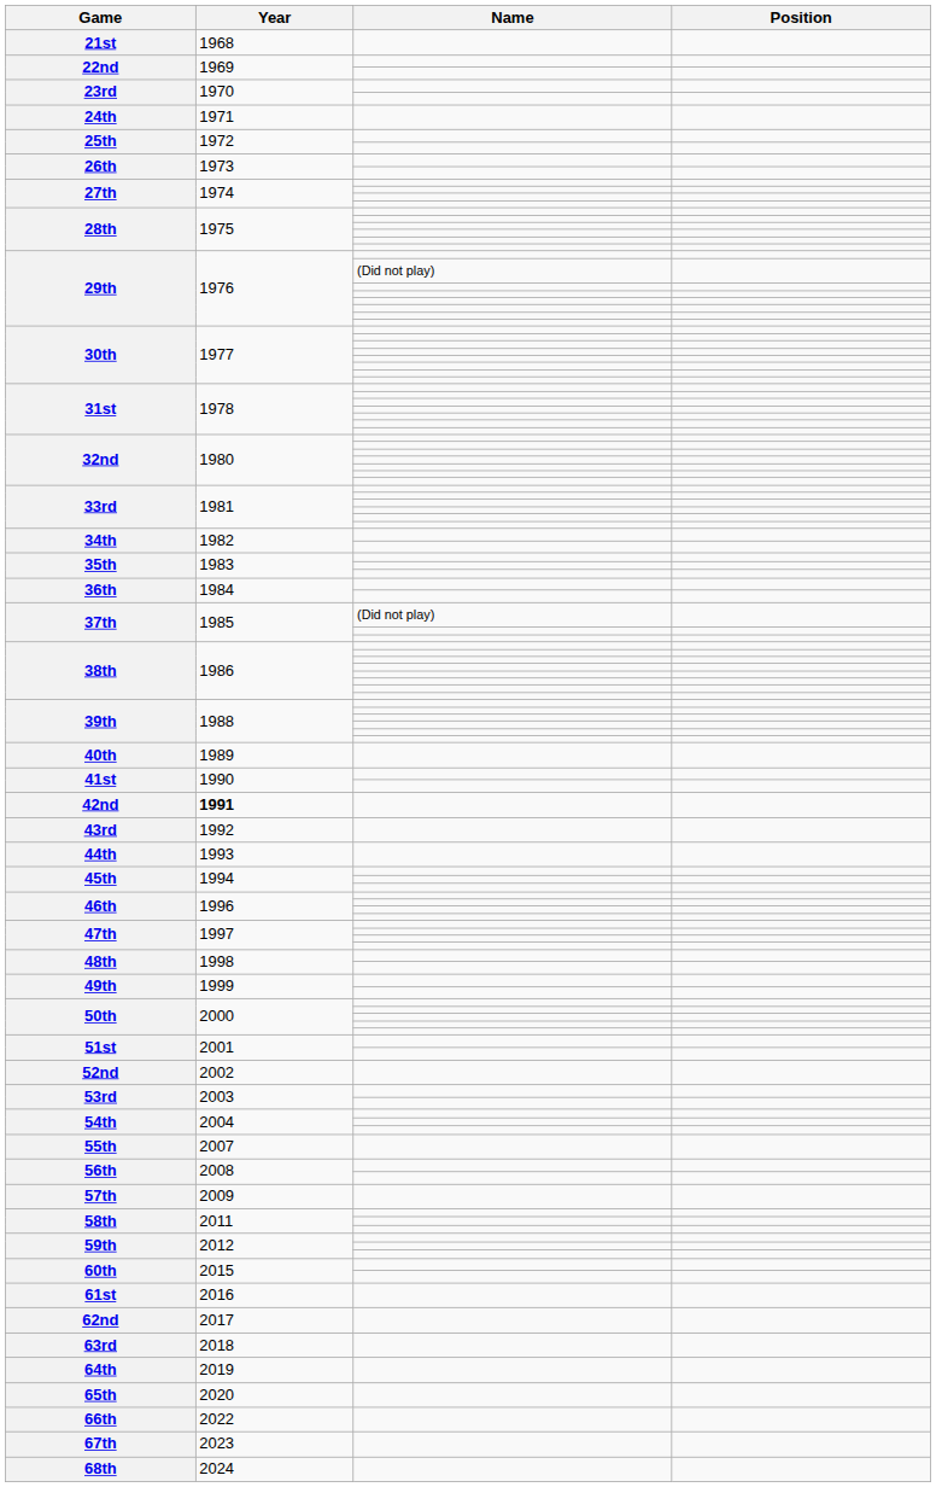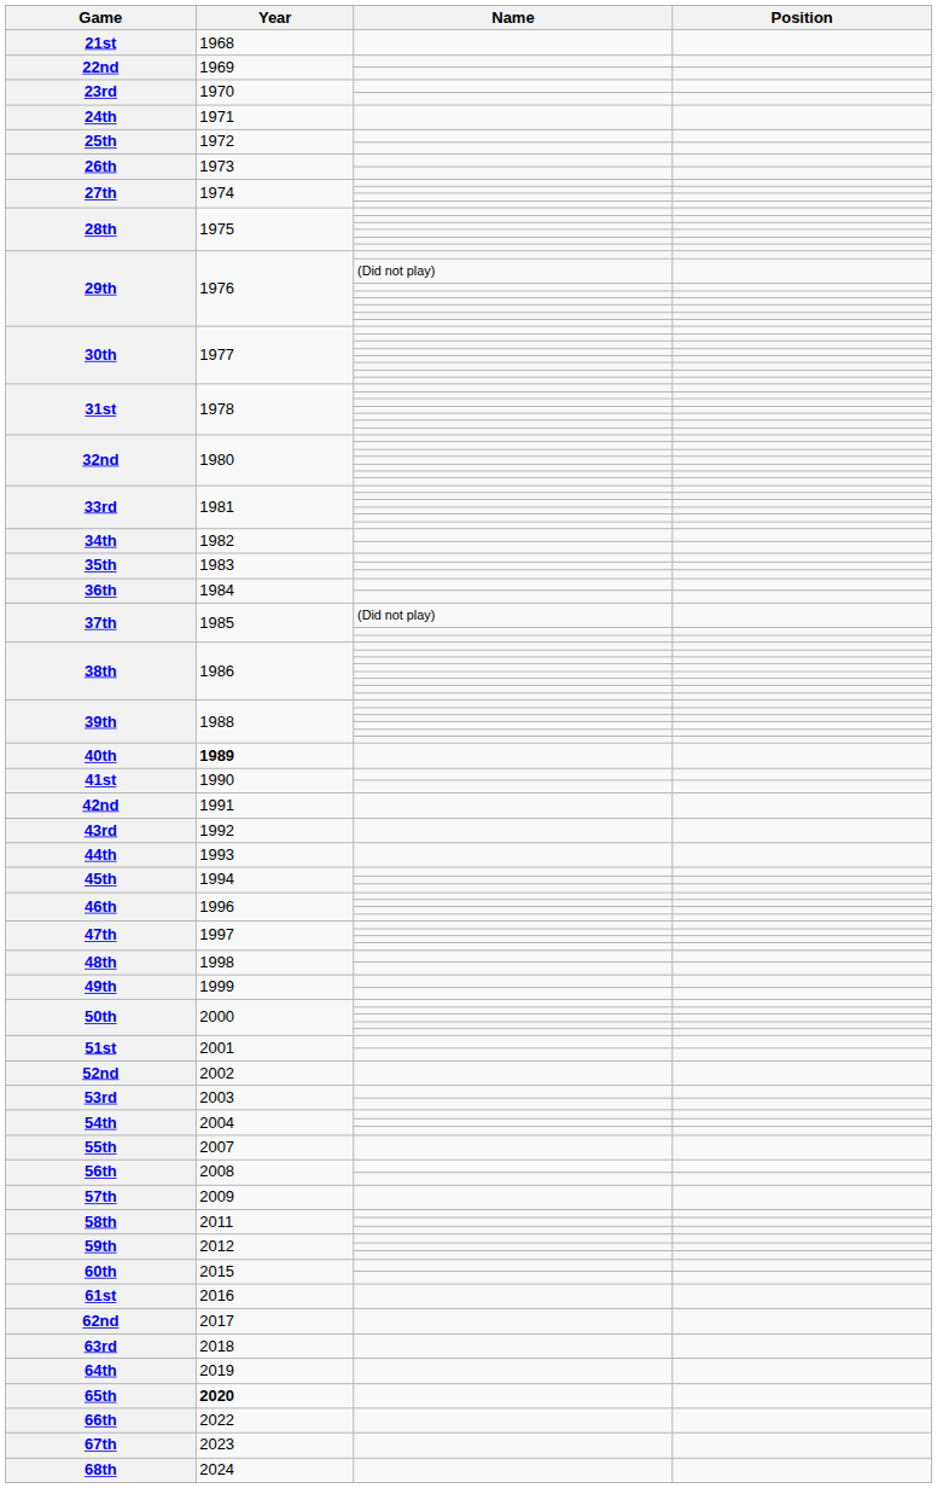 <table class="wikitable sortable" width="75%">
 <tr>
 <th scope="col">Game</th>
 <th scope="col">Year</th>
 <th scope="col">Name</th>
 <th scope="col">Position</th>
 </tr>
 <tr>
 <th scope="row"><a href='#'>21st</a></th>
 <td>1968</td>
 <td></td>
 <td></td>
 </tr>
 <tr>
 <th scope="row" rowspan="2"><a href='#'>22nd</a></th>
 <td rowspan="2">1969</td>
 <td></td>
 <td></td>
 </tr>
 <tr>
 <td></td>
 <td></td>
 </tr>
 <tr>
 <th scope="row" rowspan="2"><a href='#'>23rd</a></th>
 <td rowspan="2">1970</td>
 <td></td>
 <td></td>
 </tr>
 <tr>
 <td></td>
 <td></td>
 </tr>
 <tr>
 <th scope="row"><a href='#'>24th</a></th>
 <td>1971</td>
 <td></td>
 <td></td>
 </tr>
 <tr>
 <th scope="row" rowspan="2"><a href='#'>25th</a></th>
 <td rowspan="2">1972</td>
 <td></td>
 <td></td>
 </tr>
 <tr>
 <td></td>
 <td></td>
 </tr>
 <tr>
 <th scope="row" rowspan="2"><a href='#'>26th</a></th>
 <td rowspan="2">1973</td>
 <td></td>
 <td></td>
 </tr>
 <tr>
 <td></td>
 <td></td>
 </tr>
 <tr>
 <th scope="row" rowspan="4"><a href='#'>27th</a></th>
 <td rowspan="4">1974</td>
 <td></td>
 <td></td>
 </tr>
 <tr>
 <td></td>
 <td></td>
 </tr>
 <tr>
 <td></td>
 <td></td>
 </tr>
 <tr>
 <td></td>
 <td></td>
 </tr>
 <tr>
 <th scope="row" rowspan="6"><a href='#'>28th</a></th>
 <td rowspan="6">1975</td>
 <td></td>
 <td></td>
 </tr>
 <tr>
 <td></td>
 <td></td>
 </tr>
 <tr>
 <td></td>
 <td></td>
 </tr>
 <tr>
 <td></td>
 <td></td>
 </tr>
 <tr>
 <td></td>
 <td></td>
 </tr>
 <tr>
 <td></td>
 <td></td>
 </tr>
 <tr>
 <th scope="row" rowspan="8"><a href='#'>29th</a></th>
 <td rowspan="8">1976</td>
 <td></td>
 <td></td>
 </tr>
 <tr>
 <td> <small>(Did not play)</small></td>
 <td></td>
 </tr>
 <tr>
 <td></td>
 <td></td>
 </tr>
 <tr>
 <td></td>
 <td></td>
 </tr>
 <tr>
 <td></td>
 <td></td>
 </tr>
 <tr>
 <td></td>
 <td></td>
 </tr>
 <tr>
 <td></td>
 <td></td>
 </tr>
 <tr>
 <td></td>
 <td></td>
 </tr>
 <tr>
 <th scope="row" rowspan="8"><a href='#'>30th</a></th>
 <td rowspan="8">1977</td>
 <td></td>
 <td></td>
 </tr>
 <tr>
 <td></td>
 <td></td>
 </tr>
 <tr>
 <td></td>
 <td></td>
 </tr>
 <tr>
 <td></td>
 <td></td>
 </tr>
 <tr>
 <td></td>
 <td></td>
 </tr>
 <tr>
 <td></td>
 <td></td>
 </tr>
 <tr>
 <td></td>
 <td></td>
 </tr>
 <tr>
 <td></td>
 <td></td>
 </tr>
 <tr>
 <th scope="row" rowspan="7"><a href='#'>31st</a></th>
 <td rowspan="7">1978</td>
 <td></td>
 <td></td>
 </tr>
 <tr>
 <td></td>
 <td></td>
 </tr>
 <tr>
 <td></td>
 <td></td>
 </tr>
 <tr>
 <td></td>
 <td></td>
 </tr>
 <tr>
 <td></td>
 <td></td>
 </tr>
 <tr>
 <td></td>
 <td></td>
 </tr>
 <tr>
 <td></td>
 <td></td>
 </tr>
 <tr>
 <th scope="row" rowspan="7"><a href='#'>32nd</a></th>
 <td rowspan="7">1980</td>
 <td></td>
 <td></td>
 </tr>
 <tr>
 <td></td>
 <td></td>
 </tr>
 <tr>
 <td></td>
 <td></td>
 </tr>
 <tr>
 <td></td>
 <td></td>
 </tr>
 <tr>
 <td></td>
 <td></td>
 </tr>
 <tr>
 <td></td>
 <td></td>
 </tr>
 <tr>
 <td></td>
 <td></td>
 </tr>
 <tr>
 <th scope="row" rowspan="6"><a href='#'>33rd</a></th>
 <td rowspan="6">1981</td>
 <td></td>
 <td></td>
 </tr>
 <tr>
 <td></td>
 <td></td>
 </tr>
 <tr>
 <td></td>
 <td></td>
 </tr>
 <tr>
 <td></td>
 <td></td>
 </tr>
 <tr>
 <td></td>
 <td></td>
 </tr>
 <tr>
 <td></td>
 <td></td>
 </tr>
 <tr>
 <th scope="row" rowspan="2"><a href='#'>34th</a></th>
 <td rowspan="2">1982</td>
 <td></td>
 <td></td>
 </tr>
 <tr>
 <td></td>
 <td></td>
 </tr>
 <tr>
 <th scope="row" rowspan="3"><a href='#'>35th</a></th>
 <td rowspan="3">1983</td>
 <td></td>
 <td></td>
 </tr>
 <tr>
 <td></td>
 <td></td>
 </tr>
 <tr>
 <td></td>
 <td></td>
 </tr>
 <tr>
 <th scope="row" rowspan="2"><a href='#'>36th</a></th>
 <td rowspan="2">1984</td>
 <td></td>
 <td></td>
 </tr>
 <tr>
 <td></td>
 <td></td>
 </tr>
 <tr>
 <th scope="row" rowspan="3"><a href='#'>37th</a></th>
 <td rowspan="3">1985</td>
 <td> <small>(Did not play)</small></td>
 <td></td>
 </tr>
 <tr>
 <td></td>
 <td></td>
 </tr>
 <tr>
 <td></td>
 <td></td>
 </tr>
 <tr>
 <th scope="row" rowspan="8"><a href='#'>38th</a></th>
 <td rowspan="8">1986</td>
 <td></td>
 <td></td>
 </tr>
 <tr>
 <td></td>
 <td></td>
 </tr>
 <tr>
 <td></td>
 <td></td>
 </tr>
 <tr>
 <td></td>
 <td></td>
 </tr>
 <tr>
 <td></td>
 <td></td>
 </tr>
 <tr>
 <td></td>
 <td></td>
 </tr>
 <tr>
 <td></td>
 <td></td>
 </tr>
 <tr>
 <td></td>
 <td></td>
 </tr>
 <tr>
 <th scope="row" rowspan="6"><a href='#'>39th</a></th>
 <td rowspan="6">1988</td>
 <td></td>
 <td></td>
 </tr>
 <tr>
 <td></td>
 <td></td>
 </tr>
 <tr>
 <td></td>
 <td></td>
 </tr>
 <tr>
 <td></td>
 <td></td>
 </tr>
 <tr>
 <td></td>
 <td></td>
 </tr>
 <tr>
 <td></td>
 <td></td>
 </tr>
 <tr>
 <th scope="row"><a href='#'>40th</a></th>
-<td>1989</td>
+<td><strong>1989</strong></td>
 <td></td>
 <td></td>
 </tr>
 <tr>
 <th scope="row" rowspan="2"><a href='#'>41st</a></th>
 <td rowspan="2">1990</td>
 <td></td>
 <td></td>
 </tr>
 <tr>
 <td></td>
 <td></td>
 </tr>
 <tr>
 <th scope="row"><a href='#'>42nd</a></th>
-<td><strong>1991</strong></td>
+<td>1991</td>
 <td></td>
 <td></td>
 </tr>
 <tr>
 <th scope="row"><a href='#'>43rd</a></th>
 <td>1992</td>
 <td></td>
 <td></td>
 </tr>
 <tr>
 <th scope="row"><a href='#'>44th</a></th>
 <td>1993</td>
 <td></td>
 <td></td>
 </tr>
 <tr>
 <th scope="row" rowspan="3"><a href='#'>45th</a></th>
 <td rowspan="3">1994</td>
 <td></td>
 <td></td>
 </tr>
 <tr>
 <td></td>
 <td></td>
 </tr>
 <tr>
 <td></td>
 <td></td>
 </tr>
 <tr>
 <th scope="row" rowspan="4"><a href='#'>46th</a></th>
 <td rowspan="4">1996</td>
 <td></td>
 <td></td>
 </tr>
 <tr>
 <td></td>
 <td></td>
 </tr>
 <tr>
 <td></td>
 <td></td>
 </tr>
 <tr>
 <td></td>
 <td></td>
 </tr>
 <tr>
 <th scope="row" rowspan="4"><a href='#'>47th</a></th>
 <td rowspan="4">1997</td>
 <td></td>
 <td></td>
 </tr>
 <tr>
 <td></td>
 <td></td>
 </tr>
 <tr>
 <td></td>
 <td></td>
 </tr>
 <tr>
 <td></td>
 <td></td>
 </tr>
 <tr>
 <th scope="row" rowspan="2"><a href='#'>48th</a></th>
 <td rowspan="2">1998</td>
 <td></td>
 <td></td>
 </tr>
 <tr>
 <td></td>
 <td></td>
 </tr>
 <tr>
 <th scope="row" rowspan="2"><a href='#'>49th</a></th>
 <td rowspan="2">1999</td>
 <td></td>
 <td></td>
 </tr>
 <tr>
 <td></td>
 <td></td>
 </tr>
 <tr>
 <th scope="row" rowspan="5"><a href='#'>50th</a></th>
 <td rowspan="5">2000</td>
 <td></td>
 <td></td>
 </tr>
 <tr>
 <td></td>
 <td></td>
 </tr>
 <tr>
 <td></td>
 <td></td>
 </tr>
 <tr>
 <td></td>
 <td></td>
 </tr>
 <tr>
 <td></td>
 <td></td>
 </tr>
 <tr>
 <th scope="row" rowspan="2"><a href='#'>51st</a></th>
 <td rowspan="2">2001</td>
 <td></td>
 <td></td>
 </tr>
 <tr>
 <td></td>
 <td></td>
 </tr>
 <tr>
 <th scope="row"><a href='#'>52nd</a></th>
 <td>2002</td>
 <td></td>
 <td></td>
 </tr>
 <tr>
 <th scope="row" rowspan="2"><a href='#'>53rd</a></th>
 <td rowspan="2">2003</td>
 <td></td>
 <td></td>
 </tr>
 <tr>
 <td></td>
 <td></td>
 </tr>
 <tr>
 <th scope="row" rowspan="3"><a href='#'>54th</a></th>
 <td rowspan="3">2004</td>
 <td></td>
 <td></td>
 </tr>
 <tr>
 <td></td>
 <td></td>
 </tr>
 <tr>
 <td></td>
 <td></td>
 </tr>
 <tr>
 <th scope="row"><a href='#'>55th</a></th>
 <td>2007</td>
 <td></td>
 <td></td>
 </tr>
 <tr>
 <th scope="row" rowspan="2"><a href='#'>56th</a></th>
 <td rowspan="2">2008</td>
 <td></td>
 <td></td>
 </tr>
 <tr>
 <td></td>
 <td></td>
 </tr>
 <tr>
 <th scope="row"><a href='#'>57th</a></th>
 <td>2009</td>
 <td></td>
 <td></td>
 </tr>
 <tr>
 <th scope="row" rowspan="3"><a href='#'>58th</a></th>
 <td rowspan="3">2011</td>
 <td></td>
 <td></td>
 </tr>
 <tr>
 <td></td>
 <td></td>
 </tr>
 <tr>
 <td></td>
 <td></td>
 </tr>
 <tr>
 <th scope="row" rowspan="3"><a href='#'>59th</a></th>
 <td rowspan="3">2012</td>
 <td></td>
 <td></td>
 </tr>
 <tr>
 <td></td>
 <td></td>
 </tr>
 <tr>
 <td></td>
 <td></td>
 </tr>
 <tr>
 <th scope="row" rowspan="2"><a href='#'>60th</a></th>
 <td rowspan="2">2015</td>
 <td></td>
 <td></td>
 </tr>
 <tr>
 <td></td>
 <td></td>
 </tr>
 <tr>
 <th scope="row"><a href='#'>61st</a></th>
 <td>2016</td>
 <td></td>
 <td></td>
 </tr>
 <tr>
 <th scope="row"><a href='#'>62nd</a></th>
 <td>2017</td>
 <td></td>
 <td></td>
 </tr>
 <tr>
 <th scope="row"><a href='#'>63rd</a></th>
 <td>2018</td>
 <td></td>
 <td></td>
 </tr>
 <tr>
 <th scope="row"><a href='#'>64th</a></th>
 <td>2019</td>
 <td></td>
 <td></td>
 </tr>
 <tr>
 <th scope="row"><a href='#'>65th</a></th>
-<td>2020</td>
+<td><strong>2020</strong></td>
 <td></td>
 <td></td>
 </tr>
 <tr>
 <th scope="row" =><a href='#'>66th</a></th>
 <td>2022</td>
 <td></td>
 <td></td>
 </tr>
 <tr>
 <th scope="row"><a href='#'>67th</a></th>
 <td>2023</td>
 <td></td>
 <td></td>
 </tr>
 <tr>
 <th scope="row"><a href='#'>68th</a></th>
 <td>2024</td>
 <td></td>
 <td></td>
 </tr>
 </table>
